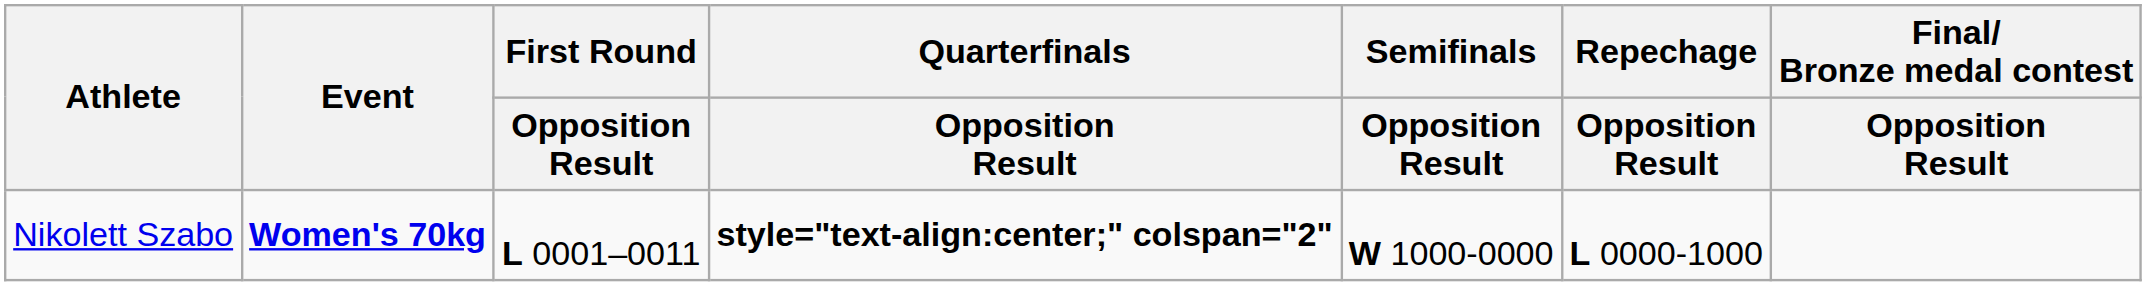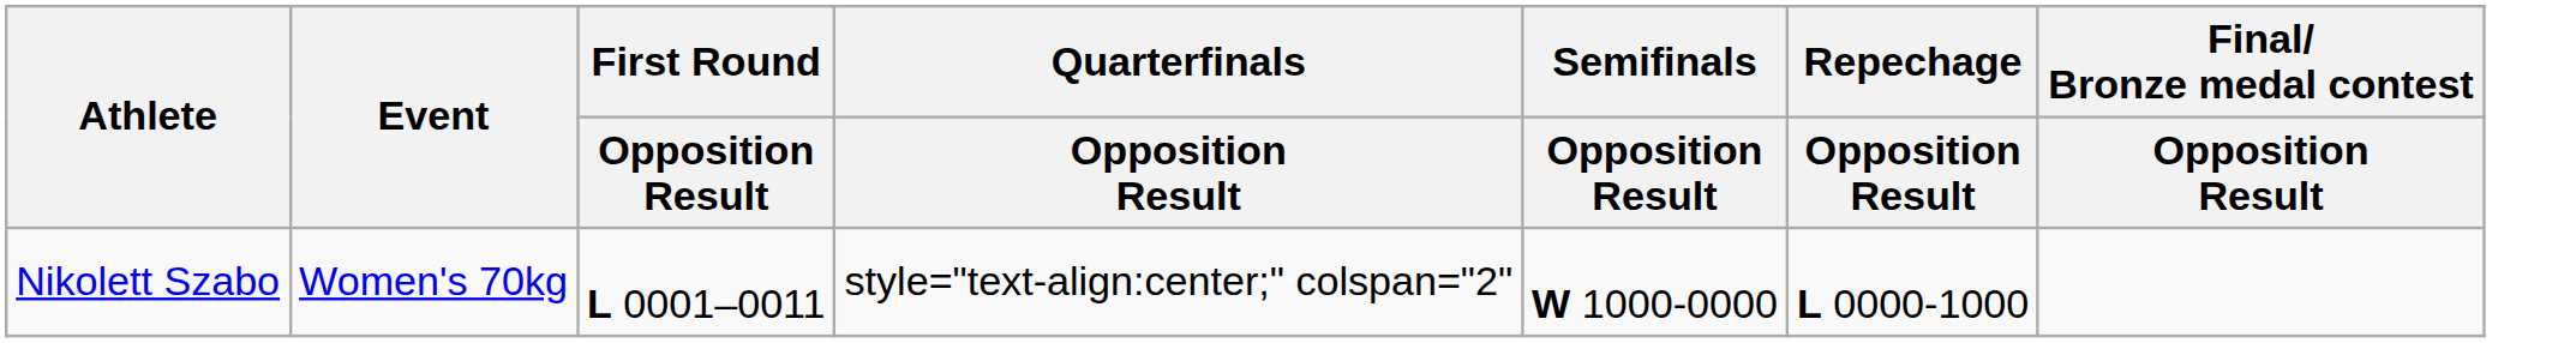 <table class= wikitable style="font-size:90%">
 <tr>
 <th rowspan="2">Athlete</th>
 <th rowspan="2">Event</th>
 <th>First Round</th>
 <th>Quarterfinals</th>
 <th>Semifinals</th>
 <th>Repechage</th>
 <th>Final/<br>Bronze medal contest</th>
 </tr>
 <tr>
 <th>Opposition<br>Result</th>
 <th>Opposition<br>Result</th>
 <th>Opposition<br>Result</th>
 <th>Opposition<br>Result</th>
 <th>Opposition<br>Result</th>
 </tr>
 <tr>
 <td><a href='#'>Nikolett Szabo</a></td>
-<td style="text-align:center;"><strong><a href='#'>Women's 70kg</a></strong></td>
+<td style="text-align:center;"><a href='#'>Women's 70kg</a></td>
 <td style="text-align:center;"><br> <strong>L</strong> 0001–0011</td>
-<td><strong>style="text-align:center;" colspan="2" </strong></td>
+<td>style="text-align:center;" colspan="2" </td>
 <td style="text-align:center;"><br> <strong>W</strong> 1000-0000</td>
 <td style="text-align:center;"><br> <strong>L</strong> 0000-1000</td>
 </tr>
 </table>
